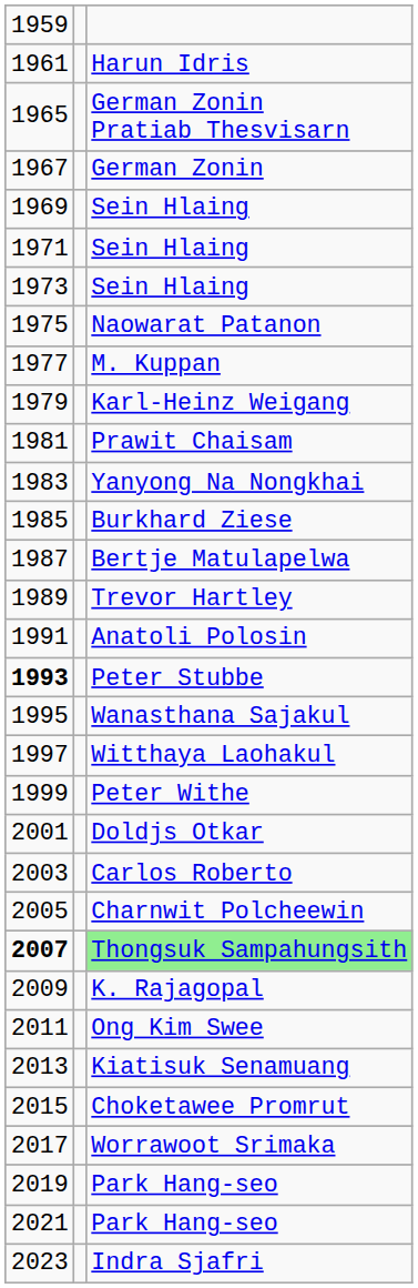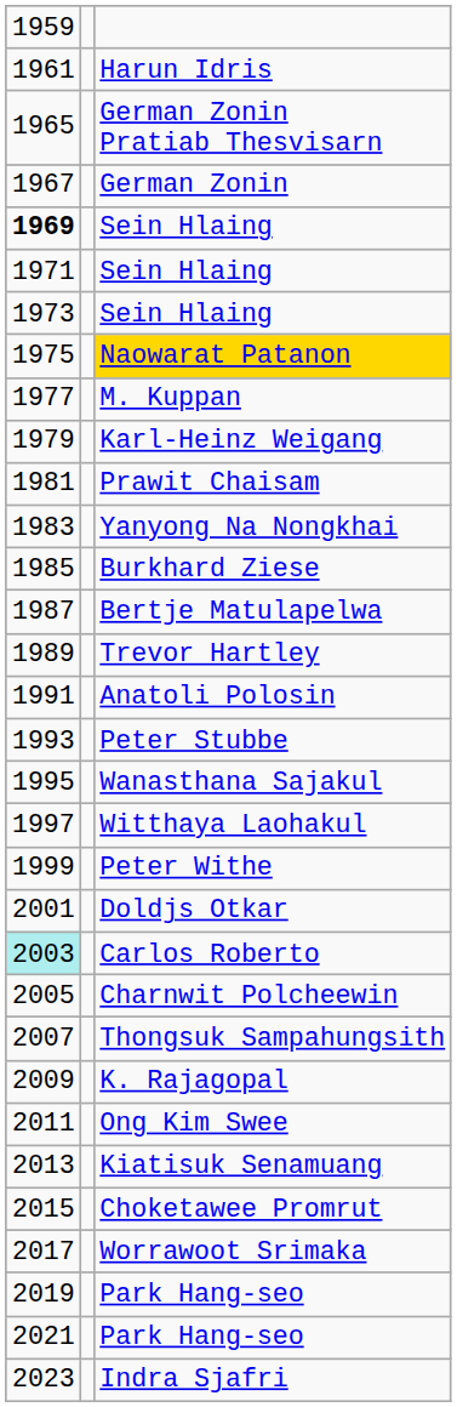 <table class="wikitable">
 <tr>
 <td>1959</td>
 <td></td>
 <td></td>
 </tr>
 <tr>
 <td>1961</td>
 <td></td>
 <td> <a href='#'>Harun Idris</a></td>
 </tr>
 <tr>
 <td>1965</td>
 <td><br></td>
 <td> <a href='#'>German Zonin</a><br> <a href='#'>Pratiab Thesvisarn</a></td>
 </tr>
 <tr>
 <td>1967</td>
 <td></td>
 <td> <a href='#'>German Zonin</a></td>
 </tr>
 <tr>
-<td>1969</td>
+<td><strong>1969</strong></td>
 <td></td>
 <td> <a href='#'>Sein Hlaing</a></td>
 </tr>
 <tr>
 <td>1971</td>
 <td></td>
 <td> <a href='#'>Sein Hlaing</a></td>
 </tr>
 <tr>
 <td>1973</td>
 <td></td>
 <td> <a href='#'>Sein Hlaing</a></td>
 </tr>
 <tr>
 <td>1975</td>
 <td></td>
-<td> <a href='#'>Naowarat Patanon</a></td>
+<td style="background: gold;"> <a href='#'>Naowarat Patanon</a></td>
 </tr>
 <tr>
 <td>1977</td>
 <td></td>
 <td> <a href='#'>M. Kuppan</a></td>
 </tr>
 <tr>
 <td>1979</td>
 <td></td>
 <td> <a href='#'>Karl-Heinz Weigang</a></td>
 </tr>
 <tr>
 <td>1981</td>
 <td></td>
 <td> <a href='#'>Prawit Chaisam</a></td>
 </tr>
 <tr>
 <td>1983</td>
 <td></td>
 <td> <a href='#'>Yanyong Na Nongkhai</a></td>
 </tr>
 <tr>
 <td>1985</td>
 <td></td>
 <td> <a href='#'>Burkhard Ziese</a></td>
 </tr>
 <tr>
 <td>1987</td>
 <td></td>
 <td> <a href='#'>Bertje Matulapelwa</a></td>
 </tr>
 <tr>
 <td>1989</td>
 <td></td>
 <td> <a href='#'>Trevor Hartley</a></td>
 </tr>
 <tr>
 <td>1991</td>
 <td></td>
 <td> <a href='#'>Anatoli Polosin</a></td>
 </tr>
 <tr>
-<td><strong>1993</strong></td>
+<td>1993</td>
 <td></td>
 <td> <a href='#'>Peter Stubbe</a></td>
 </tr>
 <tr>
 <td>1995</td>
 <td></td>
 <td> <a href='#'>Wanasthana Sajakul</a></td>
 </tr>
 <tr>
 <td>1997</td>
 <td></td>
 <td> <a href='#'>Witthaya Laohakul</a></td>
 </tr>
 <tr>
 <td>1999</td>
 <td></td>
 <td> <a href='#'>Peter Withe</a></td>
 </tr>
 <tr>
 <td>2001</td>
 <td></td>
 <td> <a href='#'>Doldjs Otkar</a></td>
 </tr>
 <tr>
-<td>2003</td>
+<td style="background: paleturquoise;">2003</td>
 <td></td>
 <td> <a href='#'>Carlos Roberto</a></td>
 </tr>
 <tr>
 <td>2005</td>
 <td></td>
 <td> <a href='#'>Charnwit Polcheewin</a></td>
 </tr>
 <tr>
-<td><strong>2007</strong></td>
+<td>2007</td>
 <td></td>
-<td style="background: lightgreen;"> <a href='#'>Thongsuk Sampahungsith</a></td>
+<td> <a href='#'>Thongsuk Sampahungsith</a></td>
 </tr>
 <tr>
 <td>2009</td>
 <td></td>
 <td> <a href='#'>K. Rajagopal</a></td>
 </tr>
 <tr>
 <td>2011</td>
 <td></td>
 <td> <a href='#'>Ong Kim Swee</a></td>
 </tr>
 <tr>
 <td>2013</td>
 <td></td>
 <td> <a href='#'>Kiatisuk Senamuang</a></td>
 </tr>
 <tr>
 <td>2015</td>
 <td></td>
 <td> <a href='#'>Choketawee Promrut</a></td>
 </tr>
 <tr>
 <td>2017</td>
 <td></td>
 <td> <a href='#'>Worrawoot Srimaka</a></td>
 </tr>
 <tr>
 <td>2019</td>
 <td></td>
 <td> <a href='#'>Park Hang-seo</a></td>
 </tr>
 <tr>
 <td>2021</td>
 <td></td>
 <td> <a href='#'>Park Hang-seo</a></td>
 </tr>
 <tr>
 <td>2023</td>
 <td></td>
 <td> <a href='#'>Indra Sjafri</a></td>
 </tr>
 </table>
